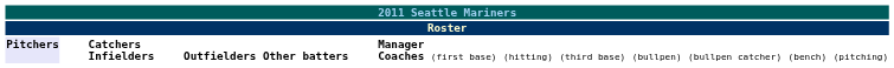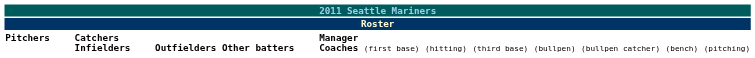 <table class="toccolours" style="font-size: 95%;">
 <tr>
 <th colspan="10" style="background:#005c5c; color:#9eceee; text-align:center;">2011 Seattle Mariners</th>
 </tr>
 <tr>
 <td colspan="10" style="background:#036; color:#fffdd0; text-align:center;"><strong>Roster</strong></td>
 </tr>
 <tr>
-<td valign="top" style="background: lavender;"><strong>Pitchers</strong><br>                    </td>
+<td valign="top"><strong>Pitchers</strong><br>                    </td>
 <td style="width:25px;"></td>
 <td valign="top"><strong>Catchers</strong><br>    <strong>Infielders</strong>          </td>
 <td style="width:25px;"></td>
 <td valign="top"><br><strong>Outfielders</strong>           <strong>Other batters</strong>  </td>
 <td style="width:25px;"></td>
 <td valign="top"><strong>Manager</strong><br> <strong>Coaches</strong>  <small>(first base)</small>  <small>(hitting)</small>  <small>(third base)</small>  <small>(bullpen)</small>  <small>(bullpen catcher)</small>  <small>(bench)</small>  <small>(pitching)</small></td>
 </tr>
 </table>
